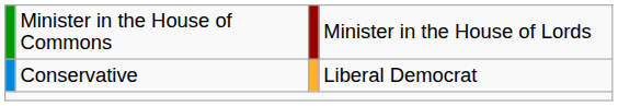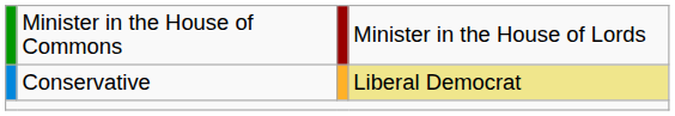 <table class="wikitable">
 <tr>
 <td style="width:1px;; background:#090;"></td>
 <td width=225>Minister in the House of Commons</td>
 <td style="width:1px;; background:#900;"></td>
 <td width=225>Minister in the House of Lords</td>
 </tr>
 <tr>
 <td style="width:1px;; background:#0087dc;"></td>
 <td width=225>Conservative</td>
 <td style="width:1px;; background:#FFB128;"></td>
-<td width=225>Liberal Democrat</td>
+<td width=225 style="background: khaki;">Liberal Democrat</td>
 </tr>
 <tr>
 <td colspan=4></td>
 </tr>
 </table>
